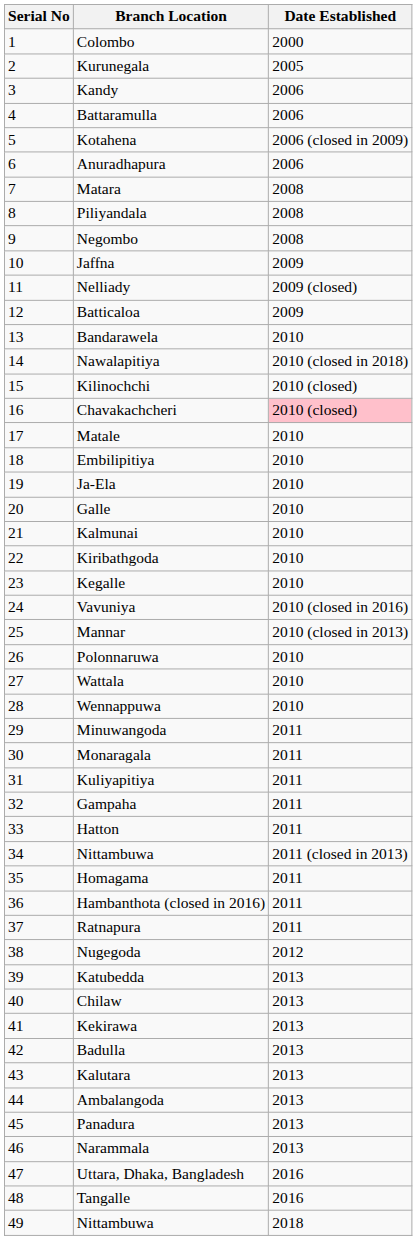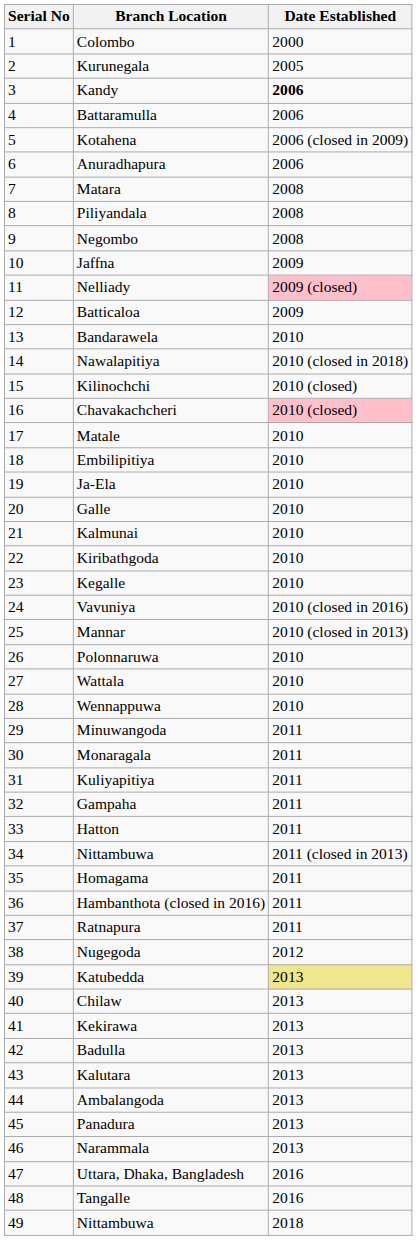 <table class=wikitable>
 <tr>
 <th>Serial No</th>
 <th>Branch Location</th>
 <th>Date Established</th>
 </tr>
 <tr>
 <td>1</td>
 <td>Colombo</td>
 <td>2000</td>
 </tr>
 <tr>
 <td>2</td>
 <td>Kurunegala</td>
 <td>2005</td>
 </tr>
 <tr>
 <td>3</td>
 <td>Kandy</td>
-<td>2006</td>
+<td><strong>2006</strong></td>
 </tr>
 <tr>
 <td>4</td>
 <td>Battaramulla</td>
 <td>2006</td>
 </tr>
 <tr>
 <td>5</td>
 <td>Kotahena</td>
 <td>2006 (closed in 2009)</td>
 </tr>
 <tr>
 <td>6</td>
 <td>Anuradhapura</td>
 <td>2006</td>
 </tr>
 <tr>
 <td>7</td>
 <td>Matara</td>
 <td>2008</td>
 </tr>
 <tr>
 <td>8</td>
 <td>Piliyandala</td>
 <td>2008</td>
 </tr>
 <tr>
 <td>9</td>
 <td>Negombo</td>
 <td>2008</td>
 </tr>
 <tr>
 <td>10</td>
 <td>Jaffna</td>
 <td>2009</td>
 </tr>
 <tr>
 <td>11</td>
 <td>Nelliady</td>
-<td>2009 (closed)</td>
+<td style="background: pink;">2009 (closed)</td>
 </tr>
 <tr>
 <td>12</td>
 <td>Batticaloa</td>
 <td>2009</td>
 </tr>
 <tr>
 <td>13</td>
 <td>Bandarawela</td>
 <td>2010</td>
 </tr>
 <tr>
 <td>14</td>
 <td>Nawalapitiya</td>
 <td>2010 (closed in 2018)</td>
 </tr>
 <tr>
 <td>15</td>
 <td>Kilinochchi</td>
 <td>2010 (closed)</td>
 </tr>
 <tr>
 <td>16</td>
 <td>Chavakachcheri</td>
 <td style="background: pink;">2010 (closed)</td>
 </tr>
 <tr>
 <td>17</td>
 <td>Matale</td>
 <td>2010</td>
 </tr>
 <tr>
 <td>18</td>
 <td>Embilipitiya</td>
 <td>2010</td>
 </tr>
 <tr>
 <td>19</td>
 <td>Ja-Ela</td>
 <td>2010</td>
 </tr>
 <tr>
 <td>20</td>
 <td>Galle</td>
 <td>2010</td>
 </tr>
 <tr>
 <td>21</td>
 <td>Kalmunai</td>
 <td>2010</td>
 </tr>
 <tr>
 <td>22</td>
 <td>Kiribathgoda</td>
 <td>2010</td>
 </tr>
 <tr>
 <td>23</td>
 <td>Kegalle</td>
 <td>2010</td>
 </tr>
 <tr>
 <td>24</td>
 <td>Vavuniya</td>
 <td>2010 (closed in 2016)</td>
 </tr>
 <tr>
 <td>25</td>
 <td>Mannar</td>
 <td>2010 (closed in 2013)</td>
 </tr>
 <tr>
 <td>26</td>
 <td>Polonnaruwa</td>
 <td>2010</td>
 </tr>
 <tr>
 <td>27</td>
 <td>Wattala</td>
 <td>2010</td>
 </tr>
 <tr>
 <td>28</td>
 <td>Wennappuwa</td>
 <td>2010</td>
 </tr>
 <tr>
 <td>29</td>
 <td>Minuwangoda</td>
 <td>2011</td>
 </tr>
 <tr>
 <td>30</td>
 <td>Monaragala</td>
 <td>2011</td>
 </tr>
 <tr>
 <td>31</td>
 <td>Kuliyapitiya</td>
 <td>2011</td>
 </tr>
 <tr>
 <td>32</td>
 <td>Gampaha</td>
 <td>2011</td>
 </tr>
 <tr>
 <td>33</td>
 <td>Hatton</td>
 <td>2011</td>
 </tr>
 <tr>
 <td>34</td>
 <td>Nittambuwa</td>
 <td>2011 (closed in 2013)</td>
 </tr>
 <tr>
 <td>35</td>
 <td>Homagama</td>
 <td>2011</td>
 </tr>
 <tr>
 <td>36</td>
 <td>Hambanthota (closed in 2016)</td>
 <td>2011</td>
 </tr>
 <tr>
 <td>37</td>
 <td>Ratnapura</td>
 <td>2011</td>
 </tr>
 <tr>
 <td>38</td>
 <td>Nugegoda</td>
 <td>2012</td>
 </tr>
 <tr>
 <td>39</td>
 <td>Katubedda</td>
-<td>2013</td>
+<td style="background: khaki;">2013</td>
 </tr>
 <tr>
 <td>40</td>
 <td>Chilaw</td>
 <td>2013</td>
 </tr>
 <tr>
 <td>41</td>
 <td>Kekirawa</td>
 <td>2013</td>
 </tr>
 <tr>
 <td>42</td>
 <td>Badulla</td>
 <td>2013</td>
 </tr>
 <tr>
 <td>43</td>
 <td>Kalutara</td>
 <td>2013</td>
 </tr>
 <tr>
 <td>44</td>
 <td>Ambalangoda</td>
 <td>2013</td>
 </tr>
 <tr>
 <td>45</td>
 <td>Panadura</td>
 <td>2013</td>
 </tr>
 <tr>
 <td>46</td>
 <td>Narammala</td>
 <td>2013</td>
 </tr>
 <tr>
 <td>47</td>
 <td>Uttara, Dhaka, Bangladesh</td>
 <td>2016</td>
 </tr>
 <tr>
 <td>48</td>
 <td>Tangalle</td>
 <td>2016</td>
 </tr>
 <tr>
 <td>49</td>
 <td>Nittambuwa</td>
 <td>2018</td>
 </tr>
 </table>
